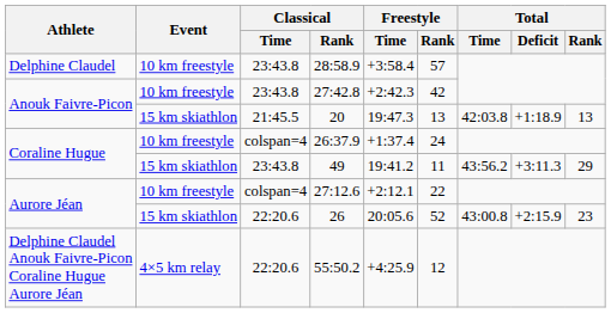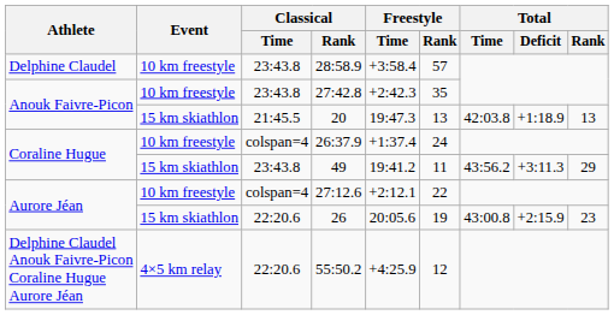 <table class="wikitable" style="font-size:90%">
 <tr>
 <th rowspan=2>Athlete</th>
 <th rowspan=2>Event</th>
 <th colspan=2>Classical</th>
 <th colspan=2>Freestyle</th>
 <th colspan=3>Total</th>
 </tr>
 <tr style="font-size:95%">
 <th>Time</th>
 <th>Rank</th>
 <th>Time</th>
 <th>Rank</th>
 <th>Time</th>
 <th>Deficit</th>
 <th>Rank</th>
 </tr>
 <tr align=center>
 <td align=left><a href='#'>Delphine Claudel</a></td>
 <td align=left><a href='#'>10 km freestyle</a></td>
 <td>23:43.8</td>
 <td>28:58.9</td>
 <td>+3:58.4</td>
 <td>57</td>
 </tr>
 <tr align=center>
 <td align=left rowspan=2><a href='#'>Anouk Faivre-Picon</a></td>
 <td align=left><a href='#'>10 km freestyle</a></td>
 <td>23:43.8</td>
 <td>27:42.8</td>
 <td>+2:42.3</td>
-<td>42</td>
+<td>35</td>
 </tr>
 <tr align=center>
 <td align=left><a href='#'>15 km skiathlon</a></td>
 <td>21:45.5</td>
 <td>20</td>
 <td>19:47.3</td>
 <td>13</td>
 <td>42:03.8</td>
 <td>+1:18.9</td>
 <td>13</td>
 </tr>
 <tr align=center>
 <td align=left rowspan=2><a href='#'>Coraline Hugue</a></td>
 <td align=left><a href='#'>10 km freestyle</a></td>
 <td>colspan=4 </td>
 <td>26:37.9</td>
 <td>+1:37.4</td>
 <td>24</td>
 </tr>
 <tr align=center>
 <td align=left><a href='#'>15 km skiathlon</a></td>
 <td>23:43.8</td>
 <td>49</td>
 <td>19:41.2</td>
 <td>11</td>
 <td>43:56.2</td>
 <td>+3:11.3</td>
 <td>29</td>
 </tr>
 <tr align=center>
 <td align=left rowspan=2><a href='#'>Aurore Jéan</a></td>
 <td align=left><a href='#'>10 km freestyle</a></td>
 <td>colspan=4 </td>
 <td>27:12.6</td>
 <td>+2:12.1</td>
 <td>22</td>
 </tr>
 <tr align=center>
 <td align=left><a href='#'>15 km skiathlon</a></td>
 <td>22:20.6</td>
 <td>26</td>
 <td>20:05.6</td>
-<td>52</td>
+<td>19</td>
 <td>43:00.8</td>
 <td>+2:15.9</td>
 <td>23</td>
 </tr>
 <tr align=center>
 <td align=left><a href='#'>Delphine Claudel</a><br><a href='#'>Anouk Faivre-Picon</a><br><a href='#'>Coraline Hugue</a><br><a href='#'>Aurore Jéan</a></td>
 <td align=left><a href='#'>4×5 km relay</a></td>
 <td>22:20.6</td>
 <td>55:50.2</td>
 <td>+4:25.9</td>
 <td>12</td>
 </tr>
 </table>
